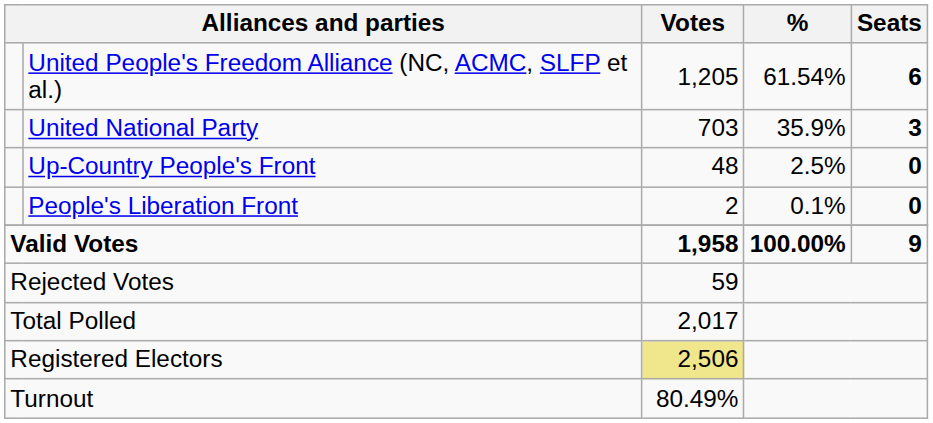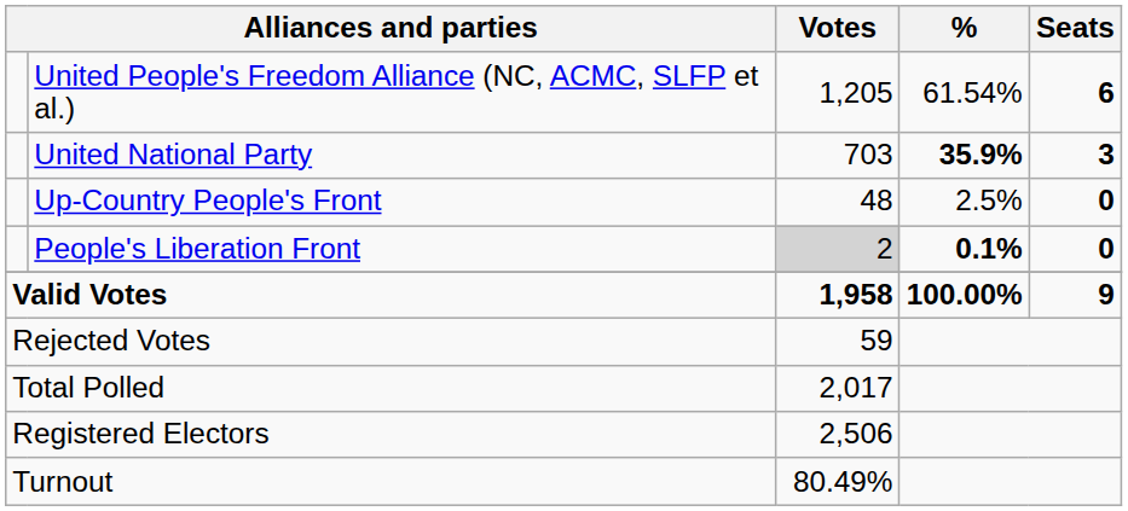 <table class="wikitable" border="1" style="text-align:right;">
 <tr>
 <th valign=bottom align=left colspan=2>Alliances and parties</th>
 <th valign=bottom align=center width="60">Votes</th>
 <th valign=bottom align=center width="50">%</th>
 <th valign=bottom align=center>Seats</th>
 </tr>
 <tr>
 <td bgcolor=> </td>
 <td align=left><a href='#'>United People's Freedom Alliance</a> (NC, <a href='#'>ACMC</a>, <a href='#'>SLFP</a> et al.)</td>
 <td>1,205</td>
 <td>61.54%</td>
 <td><strong>6</strong></td>
 </tr>
 <tr>
 <td bgcolor=> </td>
 <td align=left><a href='#'>United National Party</a></td>
 <td>703</td>
-<td>35.9%</td>
+<td><strong>35.9%</strong></td>
 <td><strong>3</strong></td>
 </tr>
 <tr>
 <td bgcolor=> </td>
 <td align=left><a href='#'>Up-Country People's Front</a></td>
 <td>48</td>
 <td>2.5%</td>
 <td><strong>0</strong></td>
 </tr>
 <tr>
 <td bgcolor=> </td>
 <td align=left><a href='#'>People's Liberation Front</a></td>
-<td>2</td>
-<td>0.1%</td>
+<td style="background: lightgrey;">2</td>
+<td><strong>0.1%</strong></td>
 <td><strong>0</strong></td>
 </tr>
 <tr>
 </tr>
 <tr>
 <td colspan=2 align=left><strong>Valid Votes</strong></td>
 <td><strong>1,958</strong></td>
 <td><strong>100.00%</strong></td>
 <td><strong>9</strong></td>
 </tr>
 <tr>
 <td colspan=2 align=left>Rejected Votes</td>
 <td>59</td>
 <td colspan=2></td>
 </tr>
 <tr>
 <td colspan=2 align=left>Total Polled</td>
 <td>2,017</td>
 <td colspan=2></td>
 </tr>
 <tr>
 <td colspan=2 align=left>Registered Electors</td>
-<td style="background: khaki;">2,506</td>
+<td>2,506</td>
 <td colspan=2></td>
 </tr>
 <tr>
 <td colspan=2 align=left>Turnout</td>
 <td>80.49%</td>
 <td colspan=2></td>
 </tr>
 </table>
